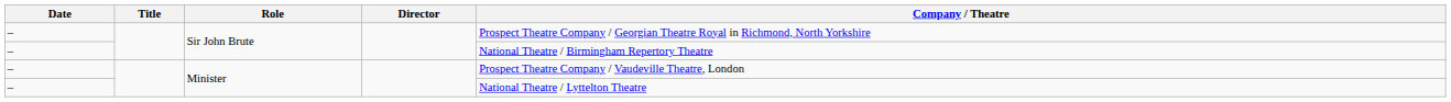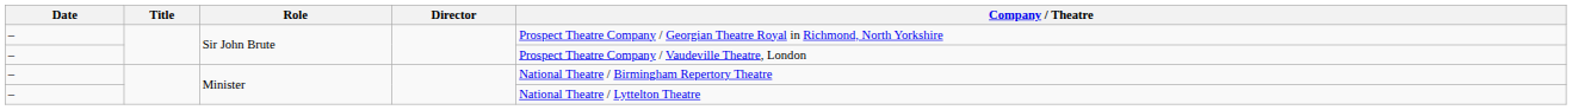 <table class="wikitable sortable" style="width:100%">
 <tr>
 <th style="width: 9em">Date</th>
 <th>Title</th>
 <th>Role</th>
 <th>Director</th>
 <th><a href='#'>Company</a> / Theatre<br></th>
 </tr>
 <tr>
 <td> – </td>
 <td rowspan=2><em></em> </td>
 <td rowspan=2>Sir John Brute</td>
 <td rowspan=2></td>
 <td><a href='#'>Prospect Theatre Company</a> / <a href='#'>Georgian Theatre Royal</a> in <a href='#'>Richmond, North Yorkshire</a></td>
 </tr>
 <tr>
 <td> – </td>
-<td><a href='#'>National Theatre</a> / <a href='#'>Birmingham Repertory Theatre</a></td>
+<td><a href='#'>Prospect Theatre Company</a> / <a href='#'>Vaudeville Theatre</a>, London</td>
 </tr>
 <tr>
 <td> – </td>
 <td rowspan=2><em></em> </td>
 <td rowspan=2>Minister</td>
 <td rowspan=2></td>
-<td><a href='#'>Prospect Theatre Company</a> / <a href='#'>Vaudeville Theatre</a>, London</td>
+<td><a href='#'>National Theatre</a> / <a href='#'>Birmingham Repertory Theatre</a></td>
 </tr>
 <tr>
 <td> – </td>
 <td><a href='#'>National Theatre</a> / <a href='#'>Lyttelton Theatre</a></td>
 </tr>
 </table>
